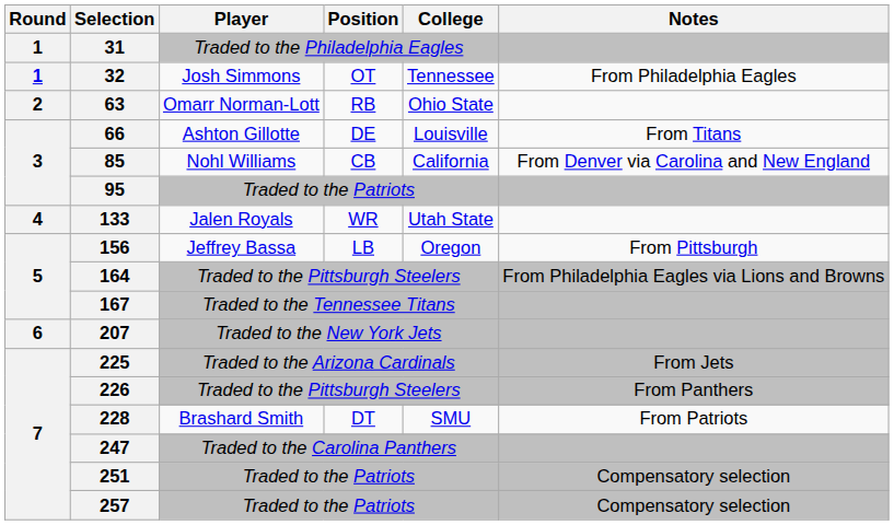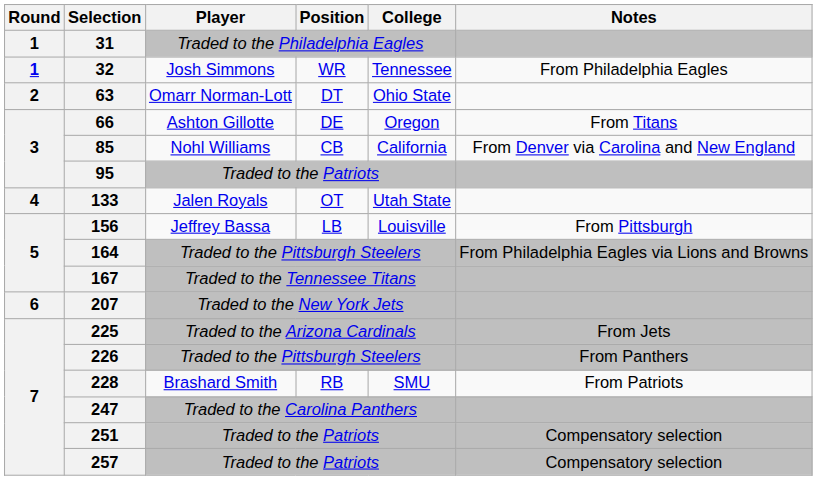 <table class="wikitable" style="text-align:center">
 <tr>
 <th>Round</th>
 <th>Selection</th>
 <th>Player</th>
 <th>Position</th>
 <th>College</th>
 <th>Notes</th>
 </tr>
 <tr>
 <th>1</th>
 <th>31</th>
 <td colspan="3" style="background:#BFBFBF"><em>Traded to the <a href='#'>Philadelphia Eagles</a></em></td>
 <td style="background:#BFBFBF"></td>
 </tr>
 <tr>
 <th><a href='#'>1</a></th>
 <th>32</th>
 <td><a href='#'>Josh Simmons</a></td>
-<td><a href='#'>OT</a></td>
+<td><a href='#'>WR</a></td>
 <td><a href='#'>Tennessee</a></td>
 <td>From Philadelphia Eagles</td>
 </tr>
 <tr>
 <th>2</th>
 <th>63</th>
 <td><a href='#'>Omarr Norman-Lott</a></td>
-<td><a href='#'>RB</a></td>
+<td><a href='#'>DT</a></td>
 <td><a href='#'>Ohio State</a></td>
 <td></td>
 </tr>
 <tr>
 <th rowspan="3">3</th>
 <th>66</th>
 <td><a href='#'>Ashton Gillotte</a></td>
 <td><a href='#'>DE</a></td>
-<td><a href='#'>Louisville</a></td>
+<td><a href='#'>Oregon</a></td>
 <td>From <a href='#'>Titans</a></td>
 </tr>
 <tr>
 <th>85</th>
 <td><a href='#'>Nohl Williams</a></td>
 <td><a href='#'>CB</a></td>
 <td><a href='#'>California</a></td>
 <td>From <a href='#'>Denver</a> via <a href='#'>Carolina</a> and <a href='#'>New England</a></td>
 </tr>
 <tr>
 <th>95</th>
 <td colspan="3" style="background:#BFBFBF"><em>Traded to the <a href='#'>Patriots</a></em></td>
 <td style="background:#BFBFBF"></td>
 </tr>
 <tr>
 <th>4</th>
 <th>133</th>
 <td><a href='#'>Jalen Royals</a></td>
-<td><a href='#'>WR</a></td>
+<td><a href='#'>OT</a></td>
 <td><a href='#'>Utah State</a></td>
 <td></td>
 </tr>
 <tr>
 <th rowspan="3">5</th>
 <th>156</th>
 <td><a href='#'>Jeffrey Bassa</a></td>
 <td><a href='#'>LB</a></td>
-<td><a href='#'>Oregon</a></td>
+<td><a href='#'>Louisville</a></td>
 <td>From <a href='#'>Pittsburgh</a></td>
 </tr>
 <tr>
 <th>164</th>
 <td colspan="3" style="background:#BFBFBF"><em>Traded to the <a href='#'>Pittsburgh Steelers</a></em></td>
 <td style="background:#BFBFBF">From Philadelphia Eagles via Lions and Browns</td>
 </tr>
 <tr>
 <th>167</th>
 <td colspan="3" style="background:#BFBFBF"><em>Traded to the <a href='#'>Tennessee Titans</a></em></td>
 <td style="background:#BFBFBF"></td>
 </tr>
 <tr>
 <th>6</th>
 <th>207</th>
 <td colspan="3" style="background:#BFBFBF"><em>Traded to the <a href='#'>New York Jets</a></em></td>
 <td style="background:#BFBFBF"></td>
 </tr>
 <tr>
 <th rowspan="6">7</th>
 <th>225</th>
 <td colspan="3" style="background:#BFBFBF"><em>Traded to the <a href='#'>Arizona Cardinals</a></em></td>
 <td style="background:#BFBFBF">From Jets</td>
 </tr>
 <tr>
 <th>226</th>
 <td colspan="3" style="background:#BFBFBF"><em>Traded to the <a href='#'>Pittsburgh Steelers</a></em></td>
 <td style="background:#BFBFBF">From Panthers</td>
 </tr>
 <tr>
 <th>228</th>
 <td><a href='#'>Brashard Smith</a></td>
-<td><a href='#'>DT</a></td>
+<td><a href='#'>RB</a></td>
 <td><a href='#'>SMU</a></td>
 <td>From Patriots</td>
 </tr>
 <tr>
 <th>247</th>
 <td colspan="3" style="background:#BFBFBF"><em>Traded to the <a href='#'>Carolina Panthers</a></em></td>
 <td style="background:#BFBFBF"></td>
 </tr>
 <tr>
 <th>251</th>
 <td colspan="3" style="background:#BFBFBF"><em>Traded to the <a href='#'>Patriots</a></em></td>
 <td style="background:#BFBFBF">Compensatory selection</td>
 </tr>
 <tr>
 <th>257</th>
 <td colspan="3" style="background:#BFBFBF"><em>Traded to the <a href='#'>Patriots</a></em></td>
 <td style="background:#BFBFBF">Compensatory selection</td>
 </tr>
 </table>
